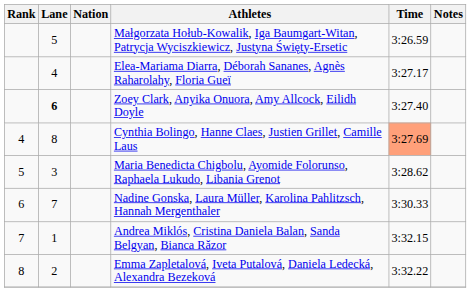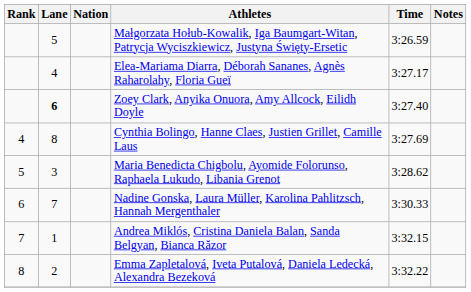 <table class="wikitable sortable" style="text-align:center">
 <tr>
 <th>Rank</th>
 <th>Lane</th>
 <th>Nation</th>
 <th>Athletes</th>
 <th>Time</th>
 <th>Notes</th>
 </tr>
 <tr>
 <td></td>
 <td>5</td>
 <td align=left></td>
 <td align=left><a href='#'>Małgorzata Hołub-Kowalik</a>, <a href='#'>Iga Baumgart-Witan</a>, <a href='#'>Patrycja Wyciszkiewicz</a>, <a href='#'>Justyna Święty-Ersetic</a></td>
 <td>3:26.59</td>
 <td></td>
 </tr>
 <tr>
 <td></td>
 <td>4</td>
 <td align=left></td>
 <td align=left><a href='#'>Elea-Mariama Diarra</a>, <a href='#'>Déborah Sananes</a>, <a href='#'>Agnès Raharolahy</a>, <a href='#'>Floria Gueï</a></td>
 <td>3:27.17</td>
 <td></td>
 </tr>
 <tr>
 <td></td>
 <td><strong>6</strong></td>
 <td align=left></td>
 <td align=left><a href='#'>Zoey Clark</a>, <a href='#'>Anyika Onuora</a>, <a href='#'>Amy Allcock</a>, <a href='#'>Eilidh Doyle</a></td>
 <td>3:27.40</td>
 <td></td>
 </tr>
 <tr>
 <td>4</td>
 <td>8</td>
 <td align=left></td>
 <td align=left><a href='#'>Cynthia Bolingo</a>, <a href='#'>Hanne Claes</a>, <a href='#'>Justien Grillet</a>, <a href='#'>Camille Laus</a></td>
-<td style="background: lightsalmon;">3:27.69</td>
+<td>3:27.69</td>
 <td><strong></strong></td>
 </tr>
 <tr>
 <td>5</td>
 <td>3</td>
 <td align=left></td>
 <td align=left><a href='#'>Maria Benedicta Chigbolu</a>, <a href='#'>Ayomide Folorunso</a>, <a href='#'>Raphaela Lukudo</a>, <a href='#'>Libania Grenot</a></td>
 <td>3:28.62</td>
 <td></td>
 </tr>
 <tr>
 <td>6</td>
 <td>7</td>
 <td align=left></td>
 <td align=left><a href='#'>Nadine Gonska</a>, <a href='#'>Laura Müller</a>, <a href='#'>Karolina Pahlitzsch</a>, <a href='#'>Hannah Mergenthaler</a></td>
 <td>3:30.33</td>
 <td></td>
 </tr>
 <tr>
 <td>7</td>
 <td>1</td>
 <td align=left></td>
 <td align=left><a href='#'>Andrea Miklós</a>, <a href='#'>Cristina Daniela Balan</a>, <a href='#'>Sanda Belgyan</a>, <a href='#'>Bianca Răzor</a></td>
 <td>3:32.15</td>
 <td></td>
 </tr>
 <tr>
 <td>8</td>
 <td>2</td>
 <td align=left></td>
 <td align=left><a href='#'>Emma Zapletalová</a>, <a href='#'>Iveta Putalová</a>, <a href='#'>Daniela Ledecká</a>, <a href='#'>Alexandra Bezeková</a></td>
 <td>3:32.22</td>
 <td></td>
 </tr>
 <tr>
 </tr>
 </table>
